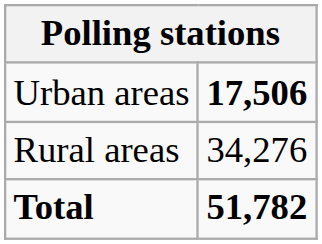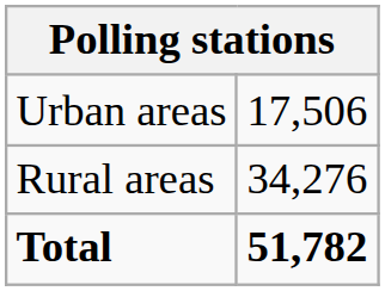 <table class="wikitable">
 <tr>
 <th colspan="2">Polling stations</th>
 </tr>
 <tr>
 <td>Urban areas</td>
-<td><strong>17,506</strong></td>
+<td>17,506</td>
 </tr>
 <tr>
 <td>Rural areas</td>
 <td>34,276</td>
 </tr>
 <tr>
 <td><strong>Total</strong></td>
 <td><strong>51,782</strong></td>
 </tr>
 </table>
